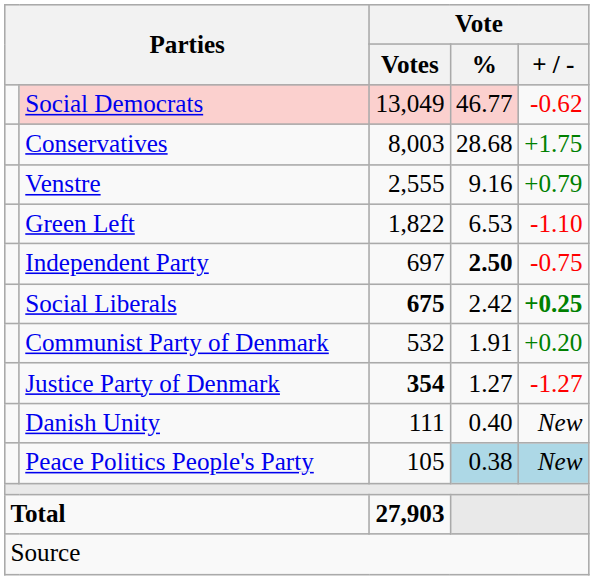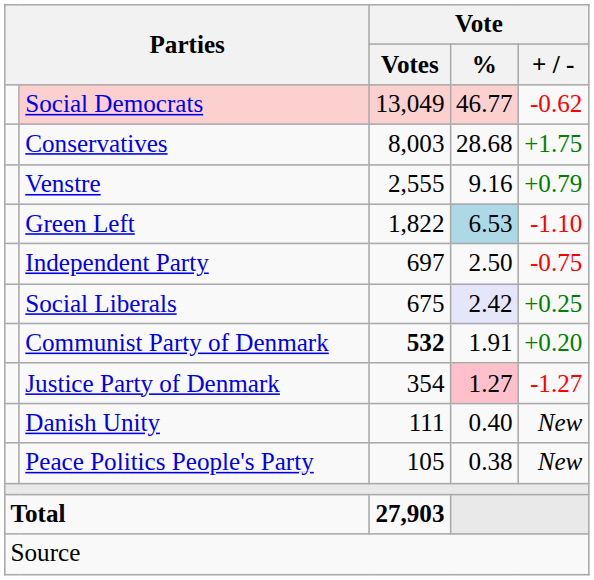 <table class="wikitable" style="text-align:right;">
 <tr>
 <th style="text-align:centre;" rowspan="2" colspan="2" width="225">Parties</th>
 <th colspan="3">Vote</th>
 </tr>
 <tr>
 <th width="15">Votes</th>
 <th width="15">%</th>
 <th width="15">+ / -</th>
 </tr>
 <tr>
 <td width="2" style="color:inherit;background:"></td>
 <td bgcolor=#fbd0ce  align="left"><a href='#'>Social Democrats</a></td>
 <td bgcolor=#fbd0ce>13,049</td>
 <td bgcolor=#fbd0ce>46.77</td>
 <td style=color:red;>-0.62</td>
 </tr>
 <tr>
 <td width="2" style="color:inherit;background:"></td>
 <td align="left"><a href='#'>Conservatives</a></td>
 <td>8,003</td>
 <td>28.68</td>
 <td style=color:green;>+1.75</td>
 </tr>
 <tr>
 <td width="2" style="color:inherit;background:"></td>
 <td align="left"><a href='#'>Venstre</a></td>
 <td>2,555</td>
 <td>9.16</td>
 <td style=color:green;>+0.79</td>
 </tr>
 <tr>
 <td width="2" style="color:inherit;background:"></td>
 <td align="left"><a href='#'>Green Left</a></td>
 <td>1,822</td>
-<td>6.53</td>
+<td style="background: lightblue;">6.53</td>
 <td style=color:red;>-1.10</td>
 </tr>
 <tr>
 <td width="2" style="color:inherit;background:"></td>
 <td align="left"><a href='#'>Independent Party</a></td>
 <td>697</td>
-<td><strong>2.50</strong></td>
+<td>2.50</td>
 <td style=color:red;>-0.75</td>
 </tr>
 <tr>
 <td width="2" style="color:inherit;background:"></td>
 <td align="left"><a href='#'>Social Liberals</a></td>
-<td><strong>675</strong></td>
-<td>2.42</td>
-<td style=color:green;><strong>+0.25</strong></td>
+<td>675</td>
+<td style="background: lavender;">2.42</td>
+<td style=color:green;>+0.25</td>
 </tr>
 <tr>
 <td width="2" style="color:inherit;background:"></td>
 <td align="left"><a href='#'>Communist Party of Denmark</a></td>
-<td>532</td>
+<td><strong>532</strong></td>
 <td>1.91</td>
 <td style=color:green;>+0.20</td>
 </tr>
 <tr>
 <td width="2" style="color:inherit;background:"></td>
 <td align="left"><a href='#'>Justice Party of Denmark</a></td>
-<td><strong>354</strong></td>
-<td>1.27</td>
+<td>354</td>
+<td style="background: pink;">1.27</td>
 <td style=color:red;>-1.27</td>
 </tr>
 <tr>
 <td width="2" style="color:inherit;background:"></td>
 <td align="left"><a href='#'>Danish Unity</a></td>
 <td>111</td>
 <td>0.40</td>
 <td><em>New</em></td>
 </tr>
 <tr>
 <td width="2" style="color:inherit;background:"></td>
 <td align="left"><a href='#'>Peace Politics People's Party</a></td>
 <td>105</td>
-<td style="background: lightblue;">0.38</td>
-<td style="background: lightblue;"><em>New</em></td>
+<td>0.38</td>
+<td><em>New</em></td>
 </tr>
 <tr>
 <td colspan="7" bgcolor="#E9E9E9"></td>
 </tr>
 <tr>
 <td align="left" colspan="2"><strong>Total</strong></td>
 <td><strong>27,903</strong></td>
 <td bgcolor="#E9E9E9" colspan="2"></td>
 </tr>
 <tr>
 <td align="left" colspan="6">Source</td>
 </tr>
 </table>
